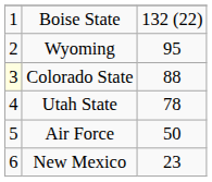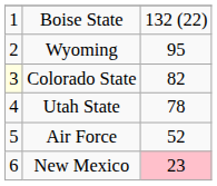 <table class="wikitable" style="display: inline-table;">
 <tr align="center">
 </tr>
 <tr align="center">
 <td>1</td>
 <td>Boise State</td>
 <td>132 (22)</td>
 </tr>
 <tr align="center">
 <td>2</td>
 <td>Wyoming</td>
 <td>95</td>
 </tr>
 <tr align="center">
 <td style="background: lightyellow;">3</td>
 <td>Colorado State</td>
-<td>88</td>
+<td>82</td>
 </tr>
 <tr align="center">
 <td>4</td>
 <td>Utah State</td>
 <td>78</td>
 </tr>
 <tr align="center">
 <td>5</td>
 <td>Air Force</td>
-<td>50</td>
+<td>52</td>
 </tr>
 <tr align="center">
 <td>6</td>
 <td>New Mexico</td>
-<td>23</td>
+<td style="background: pink;">23</td>
 </tr>
 </table>
